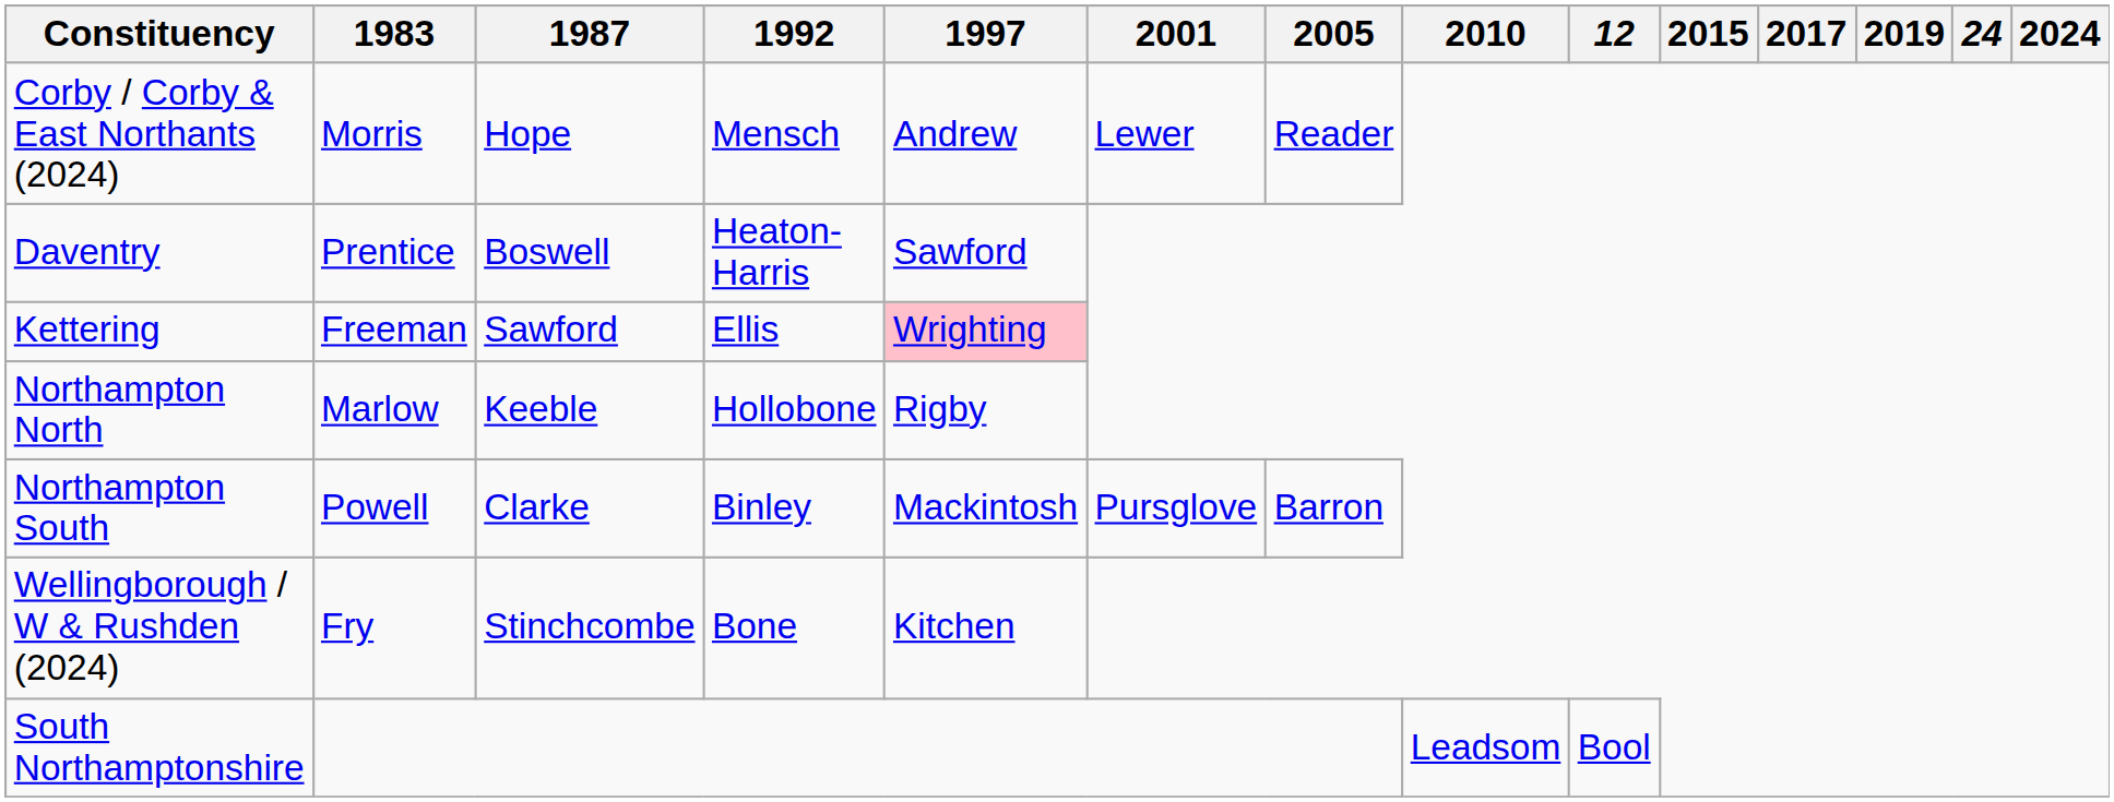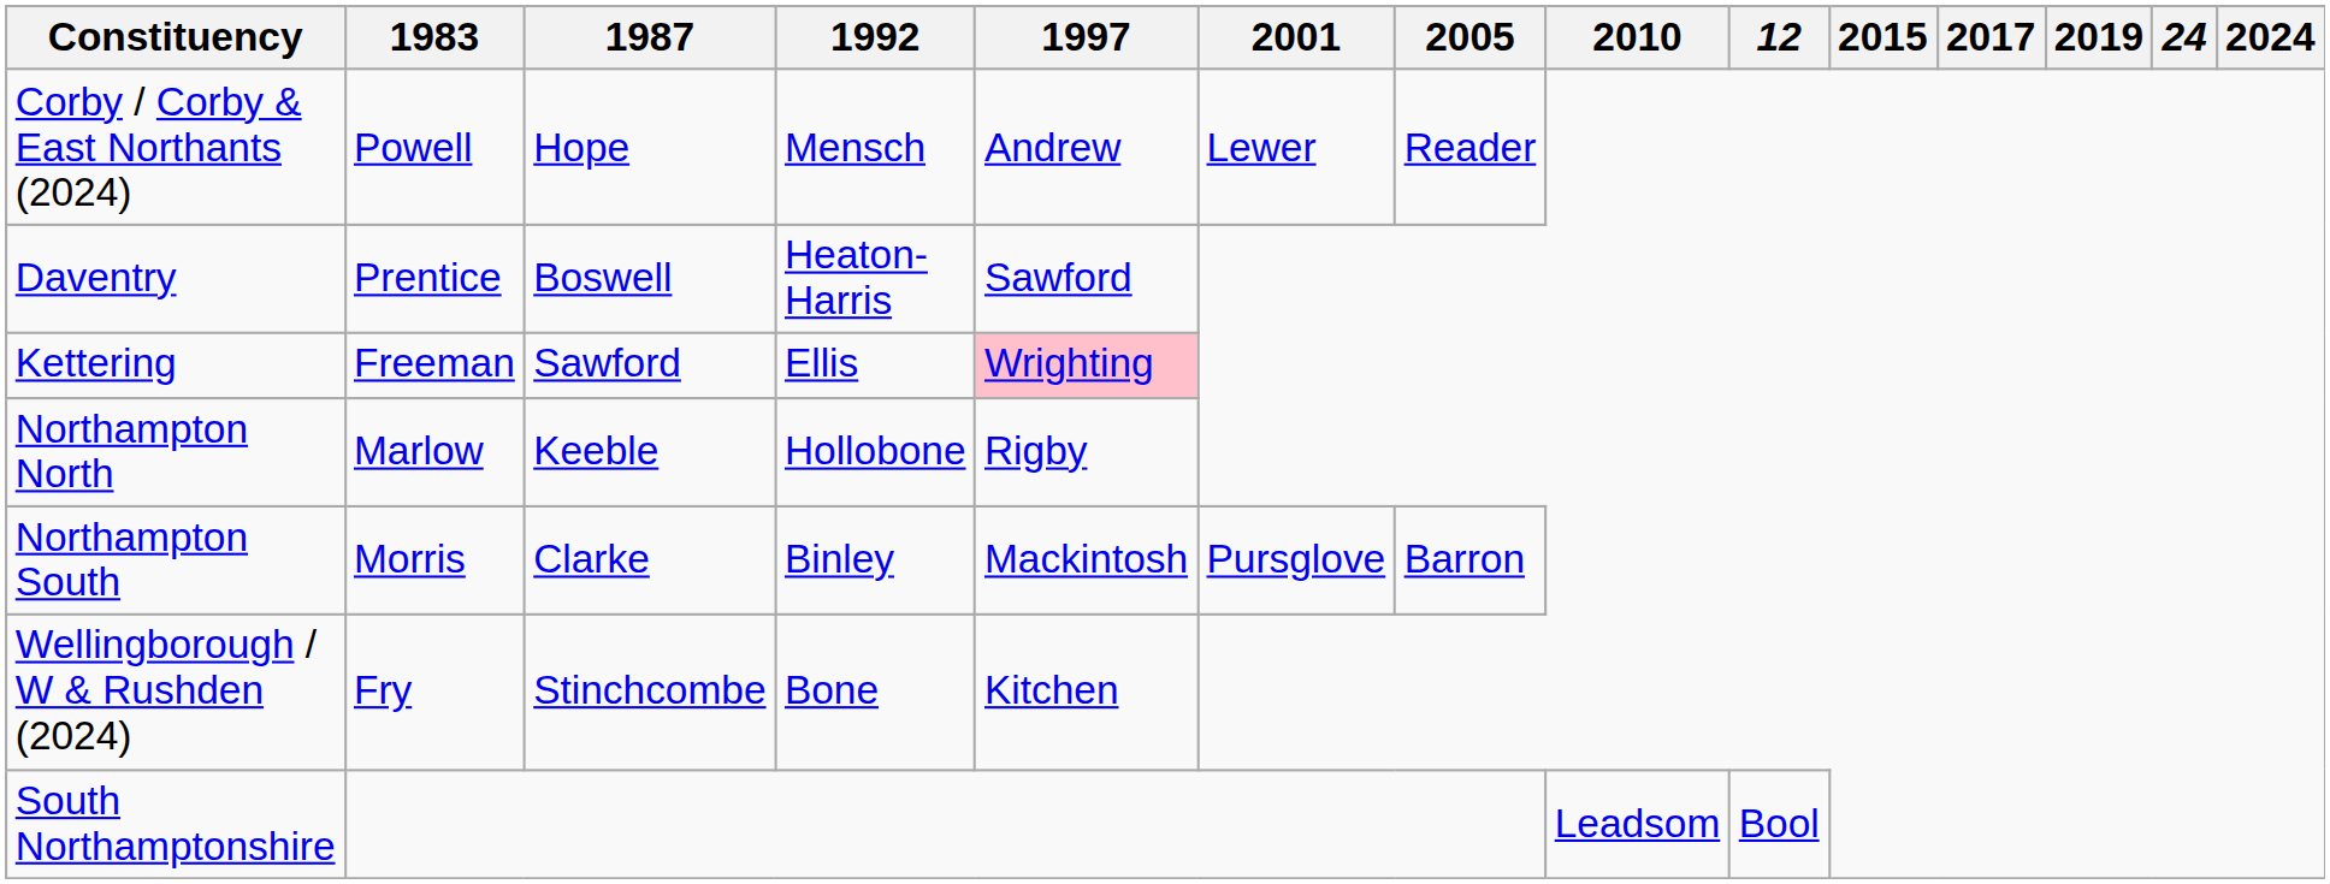 <table class="wikitable">
 <tr>
 <th>Constituency</th>
 <th>1983</th>
 <th>1987</th>
 <th>1992</th>
 <th>1997</th>
 <th>2001</th>
 <th>2005</th>
 <th>2010</th>
 <th><em>12</em></th>
 <th>2015</th>
 <th>2017</th>
 <th>2019</th>
 <th><em>24</em></th>
 <th>2024</th>
 </tr>
 <tr>
 <td><a href='#'>Corby</a> / <a href='#'>Corby & East Northants</a> (2024)</td>
-<td><a href='#'>Morris</a></td>
+<td><a href='#'>Powell</a></td>
 <td><a href='#'>Hope</a></td>
 <td><a href='#'>Mensch</a></td>
 <td><a href='#'>Andrew</a></td>
 <td><a href='#'>Lewer</a></td>
 <td><a href='#'>Reader</a></td>
 </tr>
 <tr>
 <td><a href='#'>Daventry</a></td>
 <td><a href='#'>Prentice</a></td>
 <td><a href='#'>Boswell</a></td>
 <td><a href='#'>Heaton-Harris</a></td>
 <td><a href='#'>Sawford</a></td>
 </tr>
 <tr>
 <td><a href='#'>Kettering</a></td>
 <td><a href='#'>Freeman</a></td>
 <td><a href='#'>Sawford</a></td>
 <td><a href='#'>Ellis</a></td>
 <td style="background: pink;"><a href='#'>Wrighting</a></td>
 </tr>
 <tr>
 <td><a href='#'>Northampton North</a></td>
 <td><a href='#'>Marlow</a></td>
 <td><a href='#'>Keeble</a></td>
 <td><a href='#'>Hollobone</a></td>
 <td><a href='#'>Rigby</a></td>
 </tr>
 <tr>
 <td><a href='#'>Northampton South</a></td>
-<td><a href='#'>Powell</a></td>
+<td><a href='#'>Morris</a></td>
 <td><a href='#'>Clarke</a></td>
 <td><a href='#'>Binley</a></td>
 <td><a href='#'>Mackintosh</a></td>
 <td><a href='#'>Pursglove</a></td>
 <td><a href='#'>Barron</a></td>
 </tr>
 <tr>
 <td><a href='#'>Wellingborough</a> / <a href='#'>W & Rushden</a> (2024)</td>
 <td><a href='#'>Fry</a></td>
 <td><a href='#'>Stinchcombe</a></td>
 <td><a href='#'>Bone</a></td>
 <td><a href='#'>Kitchen</a></td>
 </tr>
 <tr>
 <td><a href='#'>South Northamptonshire</a></td>
 <td colspan="6"></td>
 <td><a href='#'>Leadsom</a></td>
 <td><a href='#'>Bool</a></td>
 </tr>
 </table>
